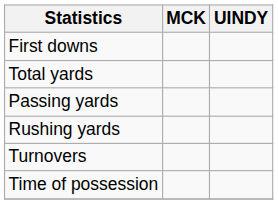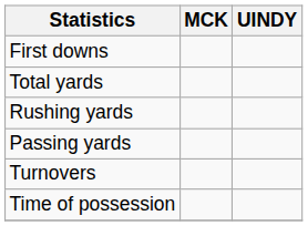 <table class="wikitable" style="float: left;">
 <tr>
 <th>Statistics</th>
 <th>MCK</th>
 <th>UINDY</th>
 </tr>
 <tr>
 <td>First downs</td>
 <td></td>
 <td></td>
 </tr>
 <tr>
 <td>Total yards</td>
 <td></td>
 <td></td>
 </tr>
 <tr>
-<td>Passing yards</td>
+<td>Rushing yards</td>
 <td></td>
 <td></td>
 </tr>
 <tr>
-<td>Rushing yards</td>
+<td>Passing yards</td>
 <td></td>
 <td></td>
 </tr>
 <tr>
 <td>Turnovers</td>
 <td></td>
 <td></td>
 </tr>
 <tr>
 <td>Time of possession</td>
 <td></td>
 <td></td>
 </tr>
 <tr>
 </tr>
 </table>
